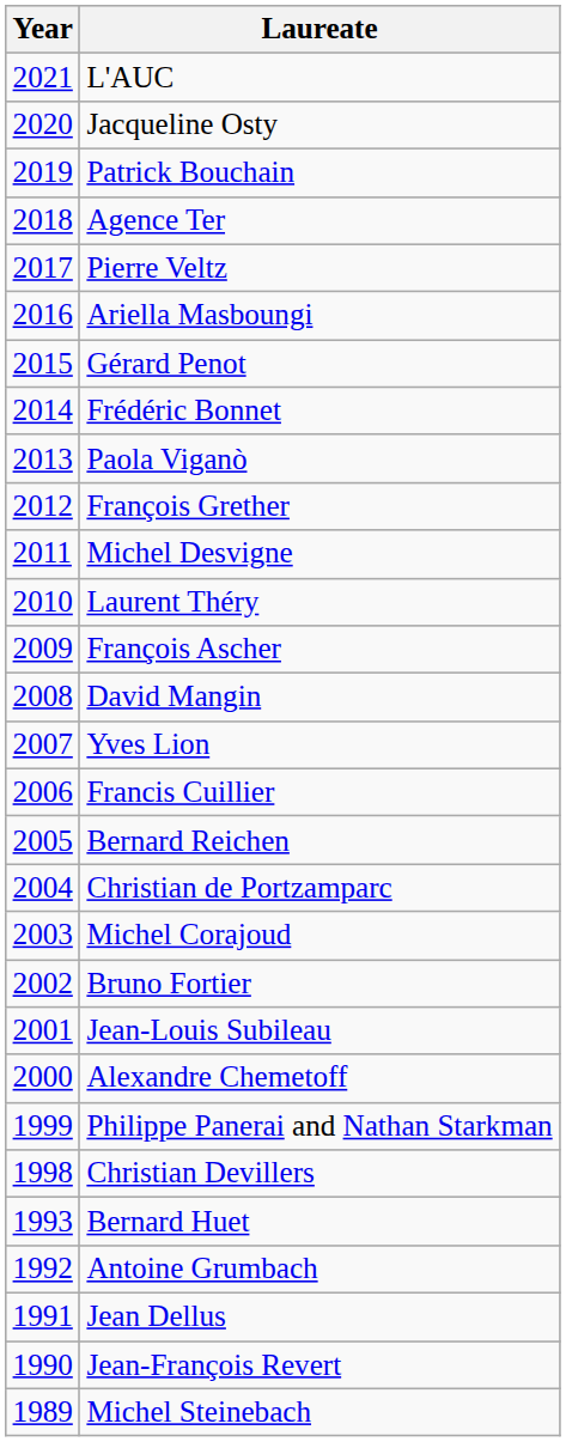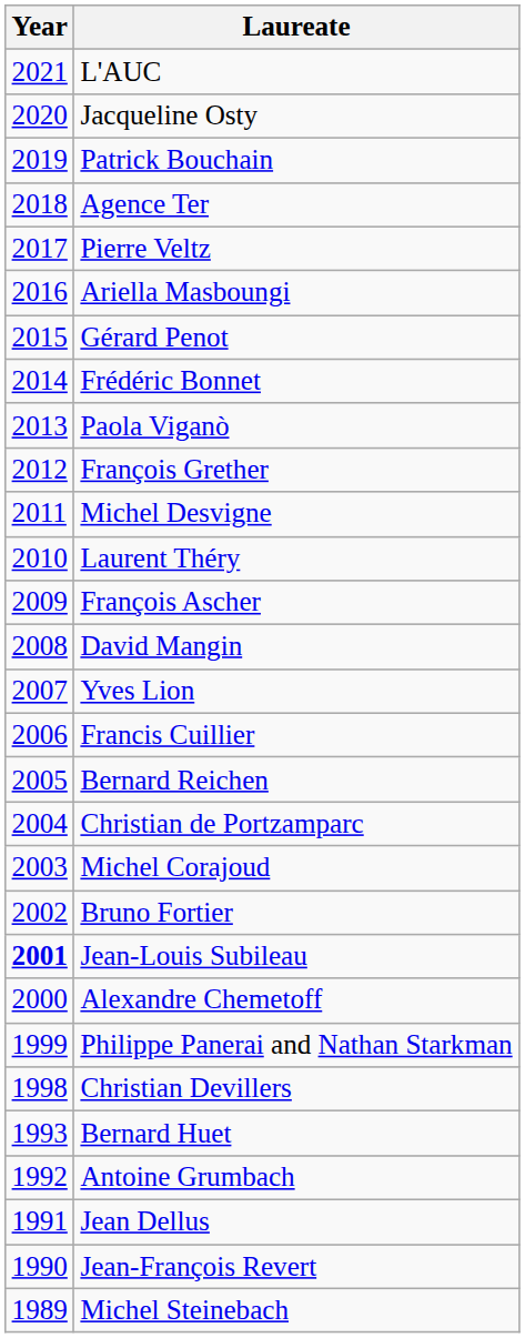 <table class="wikitable">
 <tr>
 <th>Year</th>
 <th>Laureate</th>
 </tr>
 <tr>
 <td><a href='#'>2021</a></td>
 <td>L'AUC</td>
 </tr>
 <tr>
 <td><a href='#'>2020</a></td>
 <td>Jacqueline Osty</td>
 </tr>
 <tr>
 <td><a href='#'>2019</a></td>
 <td><a href='#'>Patrick Bouchain</a></td>
 </tr>
 <tr>
 <td><a href='#'>2018</a></td>
 <td><a href='#'>Agence Ter</a></td>
 </tr>
 <tr>
 <td><a href='#'>2017</a></td>
 <td><a href='#'>Pierre Veltz</a></td>
 </tr>
 <tr>
 <td><a href='#'>2016</a></td>
 <td><a href='#'>Ariella Masboungi</a></td>
 </tr>
 <tr>
 <td><a href='#'>2015</a></td>
 <td><a href='#'>Gérard Penot</a></td>
 </tr>
 <tr>
 <td><a href='#'>2014</a></td>
 <td><a href='#'>Frédéric Bonnet</a></td>
 </tr>
 <tr>
 <td><a href='#'>2013</a></td>
 <td><a href='#'>Paola Viganò</a></td>
 </tr>
 <tr>
 <td><a href='#'>2012</a></td>
 <td><a href='#'>François Grether</a></td>
 </tr>
 <tr>
 <td><a href='#'>2011</a></td>
 <td><a href='#'>Michel Desvigne</a></td>
 </tr>
 <tr>
 <td><a href='#'>2010</a></td>
 <td><a href='#'>Laurent Théry</a></td>
 </tr>
 <tr>
 <td><a href='#'>2009</a></td>
 <td><a href='#'>François Ascher</a></td>
 </tr>
 <tr>
 <td><a href='#'>2008</a></td>
 <td><a href='#'>David Mangin</a></td>
 </tr>
 <tr>
 <td><a href='#'>2007</a></td>
 <td><a href='#'>Yves Lion</a></td>
 </tr>
 <tr>
 <td><a href='#'>2006</a></td>
 <td><a href='#'>Francis Cuillier</a></td>
 </tr>
 <tr>
 <td><a href='#'>2005</a></td>
 <td><a href='#'>Bernard Reichen</a></td>
 </tr>
 <tr>
 <td><a href='#'>2004</a></td>
 <td><a href='#'>Christian de Portzamparc</a></td>
 </tr>
 <tr>
 <td><a href='#'>2003</a></td>
 <td><a href='#'>Michel Corajoud</a></td>
 </tr>
 <tr>
 <td><a href='#'>2002</a></td>
 <td><a href='#'>Bruno Fortier</a></td>
 </tr>
 <tr>
-<td><a href='#'>2001</a></td>
+<td><strong><a href='#'>2001</a></strong></td>
 <td><a href='#'>Jean-Louis Subileau</a></td>
 </tr>
 <tr>
 <td><a href='#'>2000</a></td>
 <td><a href='#'>Alexandre Chemetoff</a></td>
 </tr>
 <tr>
 <td><a href='#'>1999</a></td>
 <td><a href='#'>Philippe Panerai</a> and <a href='#'>Nathan Starkman</a></td>
 </tr>
 <tr>
 <td><a href='#'>1998</a></td>
 <td><a href='#'>Christian Devillers</a></td>
 </tr>
 <tr>
 <td><a href='#'>1993</a></td>
 <td><a href='#'>Bernard Huet</a></td>
 </tr>
 <tr>
 <td><a href='#'>1992</a></td>
 <td><a href='#'>Antoine Grumbach</a></td>
 </tr>
 <tr>
 <td><a href='#'>1991</a></td>
 <td><a href='#'>Jean Dellus</a></td>
 </tr>
 <tr>
 <td><a href='#'>1990</a></td>
 <td><a href='#'>Jean-François Revert</a></td>
 </tr>
 <tr>
 <td><a href='#'>1989</a></td>
 <td><a href='#'>Michel Steinebach</a></td>
 </tr>
 </table>
